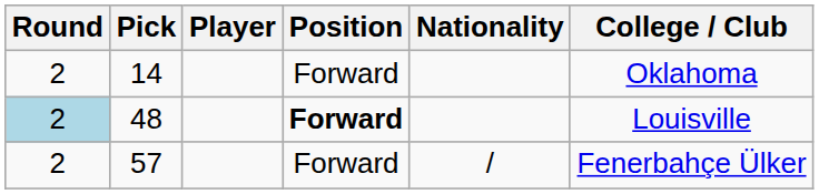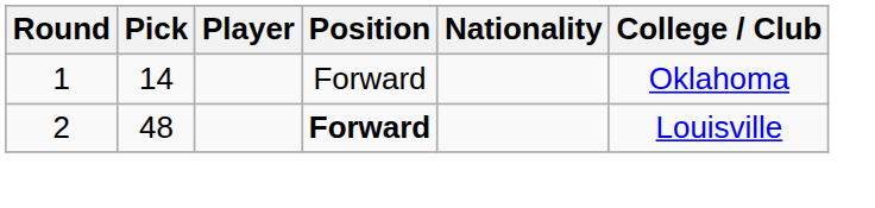 <table class="wikitable sortable sortable">
 <tr>
 <th>Round</th>
 <th>Pick</th>
 <th>Player</th>
 <th>Position</th>
 <th>Nationality</th>
 <th>College / Club</th>
 </tr>
 <tr style="text-align: center">
-<td>2</td>
+<td>1</td>
 <td>14</td>
 <td></td>
 <td>Forward</td>
 <td></td>
 <td><a href='#'>Oklahoma</a></td>
 </tr>
 <tr style="text-align: center">
-<td style="background: lightblue;">2</td>
+<td>2</td>
 <td>48</td>
 <td></td>
 <td><strong>Forward</strong></td>
 <td></td>
 <td><a href='#'>Louisville</a></td>
 </tr>
-<tr style="text-align: center">
-<td>2</td>
-<td>57</td>
-<td></td>
-<td>Forward</td>
-<td> /<br></td>
-<td> <a href='#'>Fenerbahçe Ülker</a></td>
-</tr>
 </table>
